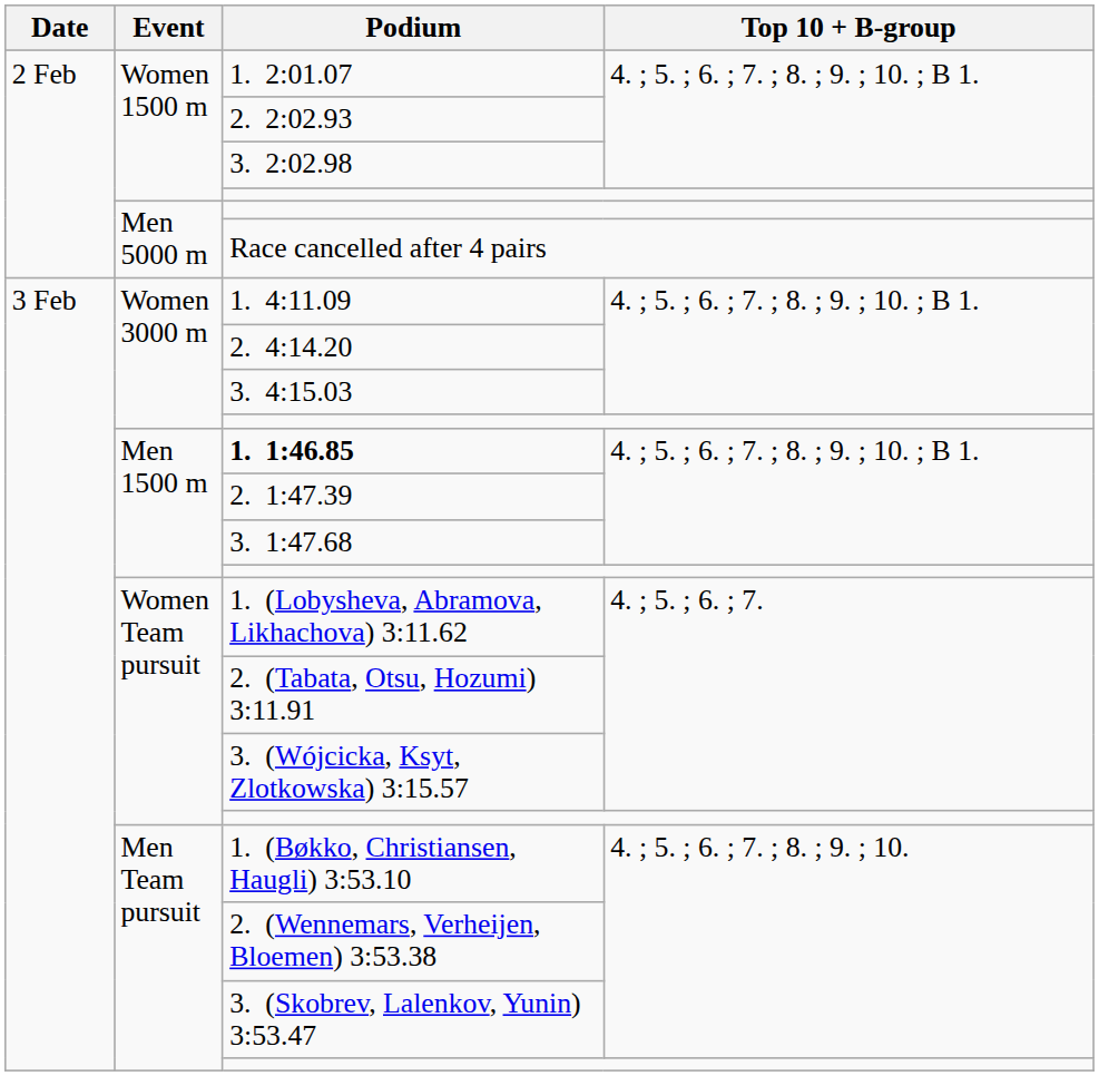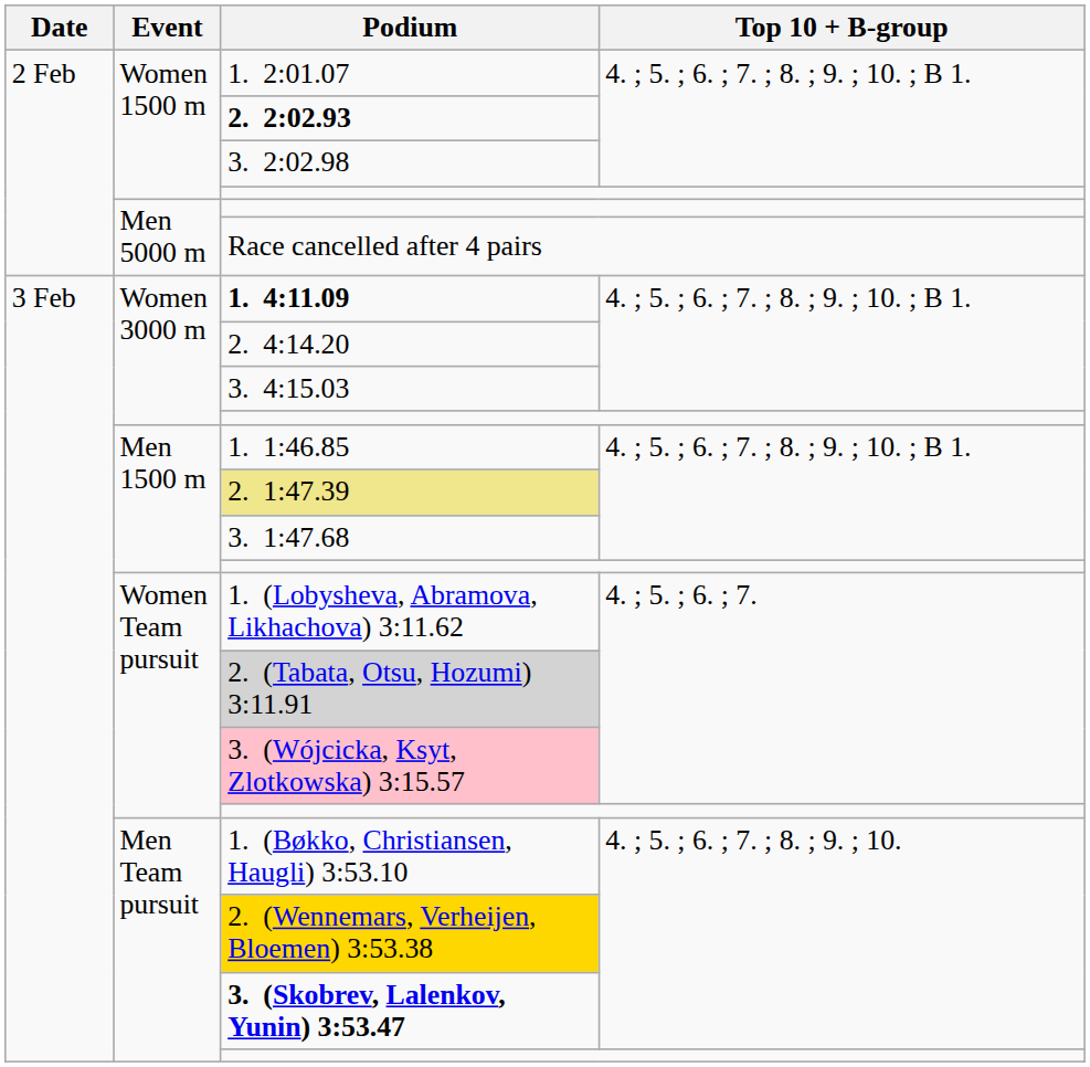 <table class="wikitable">
 <tr>
 <th width="10%">Date</th>
 <th width="10%">Event</th>
 <th width="35%">Podium</th>
 <th width="45%">Top 10 + B-group<br></th>
 </tr>
 <tr valign="top">
 <td rowspan="6">2 Feb</td>
 <td rowspan="4">Women<br>1500 m<br></td>
 <td>1.  2:01.07</td>
 <td rowspan="3">4. ; 5. ; 6. ; 7. ; 8. ; 9. ; 10. ; B 1. </td>
 </tr>
 <tr>
-<td>2.  2:02.93</td>
+<td><strong>2.  2:02.93</strong></td>
 </tr>
 <tr>
 <td>3.  2:02.98</td>
 </tr>
 <tr>
 <td colspan="2"></td>
 </tr>
 <tr valign="top">
 <td rowspan="2">Men<br>5000 m<br></td>
 <td colspan="2"></td>
 </tr>
 <tr>
 <td colspan="2">Race cancelled after 4 pairs<br></td>
 </tr>
 <tr valign="top">
 <td rowspan="16">3 Feb</td>
 <td rowspan="4">Women<br>3000 m<br></td>
-<td>1.   4:11.09</td>
+<td><strong>1.   4:11.09</strong></td>
 <td rowspan="3">4. ; 5. ; 6. ; 7. ; 8. ; 9. ; 10. ; B 1. </td>
 </tr>
 <tr>
 <td>2.   4:14.20</td>
 </tr>
 <tr>
 <td>3.  4:15.03</td>
 </tr>
 <tr>
 <td colspan="2"></td>
 </tr>
 <tr valign="top">
 <td rowspan="4">Men<br>1500 m<br></td>
-<td><strong>1.   1:46.85</strong></td>
+<td>1.   1:46.85</td>
 <td rowspan="3">4. ; 5. ; 6. ; 7. ; 8. ; 9. ; 10. ; B 1. </td>
 </tr>
 <tr>
-<td>2.  1:47.39</td>
+<td style="background: khaki;">2.  1:47.39</td>
 </tr>
 <tr>
 <td>3.  1:47.68</td>
 </tr>
 <tr>
 <td colspan="2"></td>
 </tr>
 <tr valign="top">
 <td rowspan="4">Women<br>Team pursuit<br></td>
 <td>1.  (<a href='#'>Lobysheva</a>, <a href='#'>Abramova</a>, <a href='#'>Likhachova</a>) 3:11.62</td>
 <td rowspan="3">4. ; 5. ; 6. ; 7. </td>
 </tr>
 <tr>
-<td>2.  (<a href='#'>Tabata</a>, <a href='#'>Otsu</a>, <a href='#'>Hozumi</a>) 3:11.91</td>
+<td style="background: lightgrey;">2.  (<a href='#'>Tabata</a>, <a href='#'>Otsu</a>, <a href='#'>Hozumi</a>) 3:11.91</td>
 </tr>
 <tr>
-<td>3.  (<a href='#'>Wójcicka</a>, <a href='#'>Ksyt</a>, <a href='#'>Zlotkowska</a>) 3:15.57</td>
+<td style="background: pink;">3.  (<a href='#'>Wójcicka</a>, <a href='#'>Ksyt</a>, <a href='#'>Zlotkowska</a>) 3:15.57</td>
 </tr>
 <tr>
 <td colspan="2"></td>
 </tr>
 <tr valign="top">
 <td rowspan="4">Men<br>Team pursuit<br></td>
 <td>1.  (<a href='#'>Bøkko</a>, <a href='#'>Christiansen</a>, <a href='#'>Haugli</a>) 3:53.10</td>
 <td rowspan="3">4. ; 5. ; 6. ; 7. ; 8. ; 9. ; 10. </td>
 </tr>
 <tr>
-<td>2.  (<a href='#'>Wennemars</a>, <a href='#'>Verheijen</a>, <a href='#'>Bloemen</a>) 3:53.38</td>
+<td style="background: gold;">2.  (<a href='#'>Wennemars</a>, <a href='#'>Verheijen</a>, <a href='#'>Bloemen</a>) 3:53.38</td>
 </tr>
 <tr>
-<td>3.  (<a href='#'>Skobrev</a>, <a href='#'>Lalenkov</a>, <a href='#'>Yunin</a>) 3:53.47</td>
+<td><strong>3.  (<a href='#'>Skobrev</a>, <a href='#'>Lalenkov</a>, <a href='#'>Yunin</a>) 3:53.47</strong></td>
 </tr>
 <tr>
 <td colspan="2"></td>
 </tr>
 </table>
